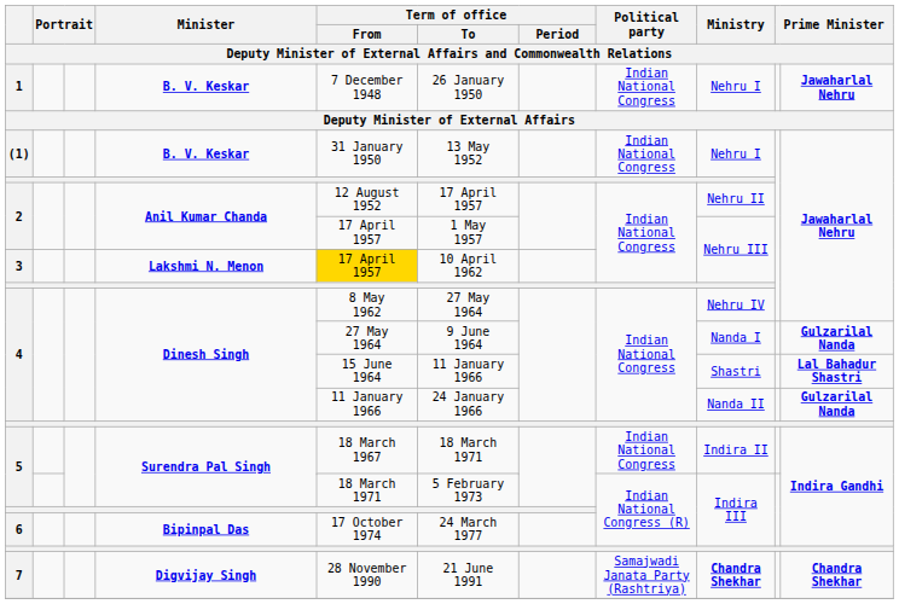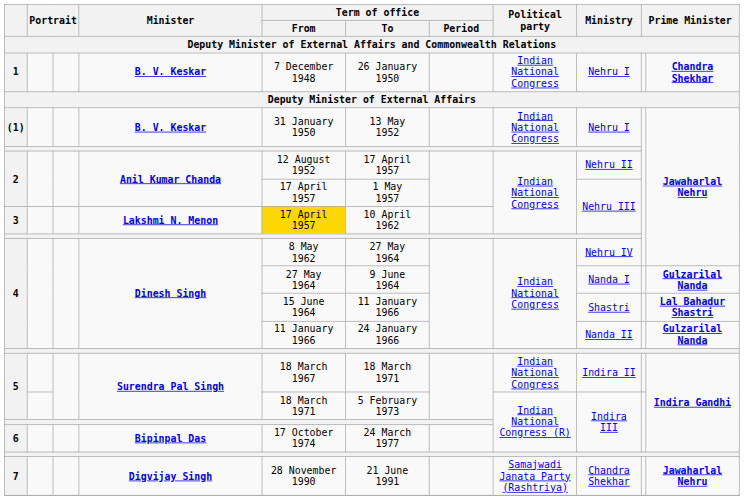 <table class="wikitable" style="text-align:center">
 <tr>
 <th rowspan="2"></th>
 <th rowspan="2" colspan="2">Portrait</th>
 <th rowspan="2" style="width:18em">Minister<br></th>
 <th colspan="3">Term of office</th>
 <th rowspan="2" style="width:8em">Political party</th>
 <th rowspan="2" style="width:6em">Ministry</th>
 <th rowspan="2" colspan="2">Prime Minister</th>
 </tr>
 <tr>
 <th style="width:8em">From</th>
 <th style="width:8em">To</th>
 <th style="width:6em">Period</th>
 </tr>
 <tr>
 <th colspan="11">Deputy Minister of External Affairs and Commonwealth Relations</th>
 </tr>
 <tr>
 <th>1</th>
 <td></td>
 <td></td>
 <td><strong><a href='#'>B. V. Keskar</a></strong><br></td>
 <td>7 December<br>1948</td>
 <td>26 January<br>1950</td>
 <td><strong></strong></td>
 <td><a href='#'>Indian National Congress</a></td>
 <td><a href='#'>Nehru I</a></td>
 <td></td>
-<td style="width:9em"><strong><a href='#'>Jawaharlal Nehru</a></strong></td>
+<td><strong><a href='#'>Chandra Shekhar</a></strong></td>
 </tr>
 <tr>
 <th colspan="11">Deputy Minister of External Affairs</th>
 </tr>
 <tr>
 <th>(1)</th>
 <td></td>
 <td></td>
 <td><strong><a href='#'>B. V. Keskar</a></strong><br></td>
 <td>31 January<br>1950</td>
 <td>13 May<br>1952</td>
 <td><strong></strong></td>
 <td><a href='#'>Indian National Congress</a></td>
 <td><a href='#'>Nehru I</a></td>
 <td rowspan="7"></td>
 <td rowspan="7"><strong><a href='#'>Jawaharlal Nehru</a></strong></td>
 </tr>
 <tr>
 <th colspan="9"></th>
 </tr>
 <tr>
 <th rowspan="2">2</th>
 <td rowspan="2"></td>
 <td rowspan="2"></td>
 <td rowspan="2"><strong><a href='#'>Anil Kumar Chanda</a></strong><br></td>
 <td>12 August<br>1952</td>
 <td>17 April<br>1957</td>
 <td rowspan="2"><strong></strong></td>
 <td rowspan="3"><a href='#'>Indian National Congress</a></td>
 <td><a href='#'>Nehru II</a></td>
 </tr>
 <tr>
 <td>17 April<br>1957</td>
 <td>1 May<br>1957</td>
 <td rowspan="2"><a href='#'>Nehru III</a></td>
 </tr>
 <tr>
 <th>3</th>
 <td></td>
 <td></td>
 <td><strong><a href='#'>Lakshmi N. Menon</a></strong><br></td>
 <td style="background: gold;">17 April<br>1957</td>
 <td>10 April<br>1962</td>
 <td><strong></strong></td>
 </tr>
 <tr>
 <th colspan="9"></th>
 </tr>
 <tr>
 <th rowspan="4">4</th>
 <td rowspan="4"></td>
 <td rowspan="4"></td>
 <td rowspan="4"><strong><a href='#'>Dinesh Singh</a></strong><br></td>
 <td>8 May<br>1962</td>
 <td>27 May<br>1964</td>
 <td rowspan="4"><strong></strong></td>
 <td rowspan="4"><a href='#'>Indian National Congress</a></td>
 <td><a href='#'>Nehru IV</a></td>
 </tr>
 <tr>
 <td>27 May<br>1964</td>
 <td>9 June<br>1964</td>
 <td><a href='#'>Nanda I</a></td>
 <td></td>
 <td><strong><a href='#'>Gulzarilal Nanda</a></strong></td>
 </tr>
 <tr>
 <td>15 June<br>1964</td>
 <td>11 January<br>1966</td>
 <td><a href='#'>Shastri</a></td>
 <td></td>
 <td><strong><a href='#'>Lal Bahadur Shastri</a></strong></td>
 </tr>
 <tr>
 <td>11 January<br>1966</td>
 <td>24 January<br>1966</td>
 <td><a href='#'>Nanda II</a></td>
 <td></td>
 <td><strong><a href='#'>Gulzarilal Nanda</a></strong></td>
 </tr>
 <tr>
 <th colspan="11"></th>
 </tr>
 <tr>
 <th rowspan="3">5</th>
 <td></td>
 <td rowspan="3"></td>
 <td rowspan="3"><strong><a href='#'>Surendra Pal Singh</a></strong><br></td>
 <td rowspan="2">18 March<br>1967</td>
 <td rowspan="2'">18 March<br>1971</td>
 <td rowspan="3"><strong></strong></td>
 <td><a href='#'>Indian National Congress</a></td>
 <td rowspan="2"><a href='#'>Indira II</a></td>
 <td></td>
 <td rowspan="5"><strong><a href='#'>Indira Gandhi</a></strong></td>
 </tr>
 <tr>
 <td rowspan="2"></td>
 <td rowspan="4"><a href='#'>Indian National Congress (R)</a></td>
 <td rowspan="4"></td>
 </tr>
 <tr>
 <td>18 March<br>1971</td>
 <td>5 February<br>1973</td>
 <td rowspan="3"><a href='#'>Indira III</a></td>
 </tr>
 <tr>
 <th colspan="7"></th>
 </tr>
 <tr>
 <th>6</th>
 <td></td>
 <td></td>
 <td><strong><a href='#'>Bipinpal Das</a></strong><br></td>
 <td>17 October<br>1974</td>
 <td>24 March<br>1977</td>
 <td><strong></strong></td>
 </tr>
 <tr>
 <th colspan="11"></th>
 </tr>
 <tr>
 <th>7</th>
 <td></td>
 <td></td>
 <td><strong><a href='#'>Digvijay Singh</a></strong><br></td>
 <td>28 November<br>1990</td>
 <td>21 June<br>1991</td>
 <td><strong></strong></td>
 <td><a href='#'>Samajwadi Janata Party (Rashtriya)</a></td>
-<td><strong><a href='#'>Chandra Shekhar</a></strong></td>
+<td><a href='#'>Chandra Shekhar</a></td>
 <td></td>
-<td><strong><a href='#'>Chandra Shekhar</a></strong></td>
+<td style="width:9em"><strong><a href='#'>Jawaharlal Nehru</a></strong></td>
 </tr>
 <tr>
 </tr>
 </table>
